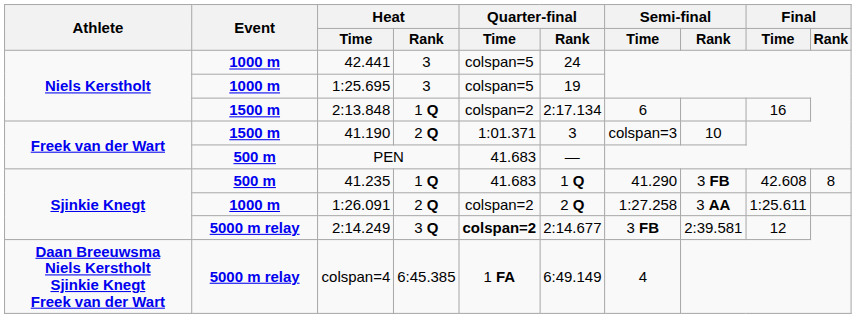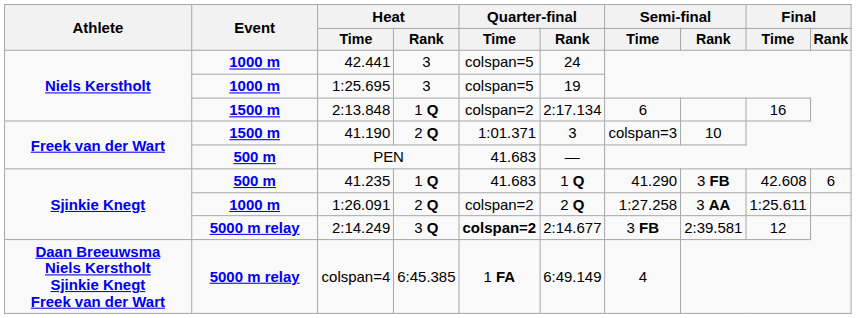 <table class="wikitable plainrowheaders" style="text-align: center;font-size:90%">
 <tr>
 <th scope="col" rowspan=2 style="width:12em;">Athlete</th>
 <th scope="col" rowspan=2 style="width:8em;">Event</th>
 <th scope="col" colspan=2>Heat</th>
 <th scope="col" colspan=2>Quarter-final</th>
 <th scope="col" colspan=2>Semi-final</th>
 <th scope="col" colspan=2>Final</th>
 </tr>
 <tr style="font-size:95%">
 <th scope="col" style="width:4em;">Time</th>
 <th scope="col" style="width:2em;">Rank</th>
 <th scope="col" style="width:4em;">Time</th>
 <th scope="col" style="width:2em;">Rank</th>
 <th scope="col" style="width:4em;">Time</th>
 <th scope="col" style="width:2em;">Rank</th>
 <th scope="col" style="width:4em;">Time</th>
 <th scope="col" style="width:2em;">Rank</th>
 </tr>
 <tr>
 <th scope="row" style="background-color:transparent" rowspan=3><a href='#'>Niels Kerstholt</a></th>
 <th scope="row" style="background-color:transparent"><a href='#'>1000 m</a></th>
 <td style="text-align:right">42.441</td>
 <td>3</td>
 <td>colspan=5 </td>
 <td>24</td>
 </tr>
 <tr>
 <th scope="row" style="background-color:transparent"><a href='#'>1000 m</a></th>
 <td style="text-align:right">1:25.695</td>
 <td>3</td>
 <td>colspan=5 </td>
 <td>19</td>
 </tr>
 <tr>
 <th scope="row" style="background-color:transparent"><a href='#'>1500 m</a></th>
 <td style="text-align:right">2:13.848</td>
 <td>1 <strong>Q</strong></td>
 <td>colspan=2 </td>
 <td style="text-align:right">2:17.134</td>
 <td>6</td>
 <td></td>
 <td>16</td>
 </tr>
 <tr>
 <th scope="row" style="background-color:transparent" rowspan=2><a href='#'>Freek van der Wart</a></th>
 <th scope="row" style="background-color:transparent"><a href='#'>1500 m</a></th>
 <td style="text-align:right">41.190</td>
 <td>2 <strong>Q</strong></td>
 <td style="text-align:right">1:01.371</td>
 <td>3</td>
 <td>colspan=3 </td>
 <td>10</td>
 </tr>
 <tr>
 <th scope="row" style="background-color:transparent"><a href='#'>500 m</a></th>
 <td colspan=2>PEN</td>
 <td style="text-align:right">41.683</td>
 <td>—</td>
 </tr>
 <tr>
 <th scope="row" style="background-color:transparent" rowspan=3><strong><a href='#'>Sjinkie Knegt</a></strong></th>
 <th scope="row" style="background-color:transparent"><a href='#'>500 m</a></th>
 <td style="text-align:right">41.235</td>
 <td>1 <strong>Q</strong></td>
 <td style="text-align:right">41.683</td>
 <td>1 <strong>Q</strong></td>
 <td style="text-align:right">41.290</td>
 <td>3 <strong>FB</strong></td>
 <td style="text-align:right">42.608</td>
-<td>8</td>
+<td>6</td>
 </tr>
 <tr>
 <th scope="row" style="background-color:transparent"><a href='#'>1000 m</a></th>
 <td style="text-align:right">1:26.091</td>
 <td>2 <strong>Q</strong></td>
 <td>colspan=2 </td>
 <td>2 <strong>Q</strong></td>
 <td style="text-align:right">1:27.258</td>
 <td>3 <strong>AA</strong></td>
 <td style="text-align:right">1:25.611</td>
 <td></td>
 </tr>
 <tr>
 <th scope="row" style="background-color:transparent"><a href='#'>5000 m relay</a></th>
 <td style="text-align:right">2:14.249</td>
 <td>3 <strong>Q</strong></td>
 <td><strong>colspan=2 </strong></td>
 <td style="text-align:right">2:14.677</td>
 <td>3 <strong>FB</strong></td>
 <td style="text-align:right">2:39.581</td>
 <td>12</td>
 </tr>
 <tr>
 <th scope="row" style="background-color:transparent"><a href='#'>Daan Breeuwsma</a><br><a href='#'>Niels Kerstholt</a><br><a href='#'>Sjinkie Knegt</a><br><a href='#'>Freek van der Wart</a></th>
 <th scope="row" style="background-color:transparent"><a href='#'>5000 m relay</a></th>
 <td>colspan=4 </td>
 <td style="text-align:right">6:45.385</td>
 <td>1 <strong>FA</strong></td>
 <td style="text-align:right">6:49.149</td>
 <td>4</td>
 </tr>
 </table>
